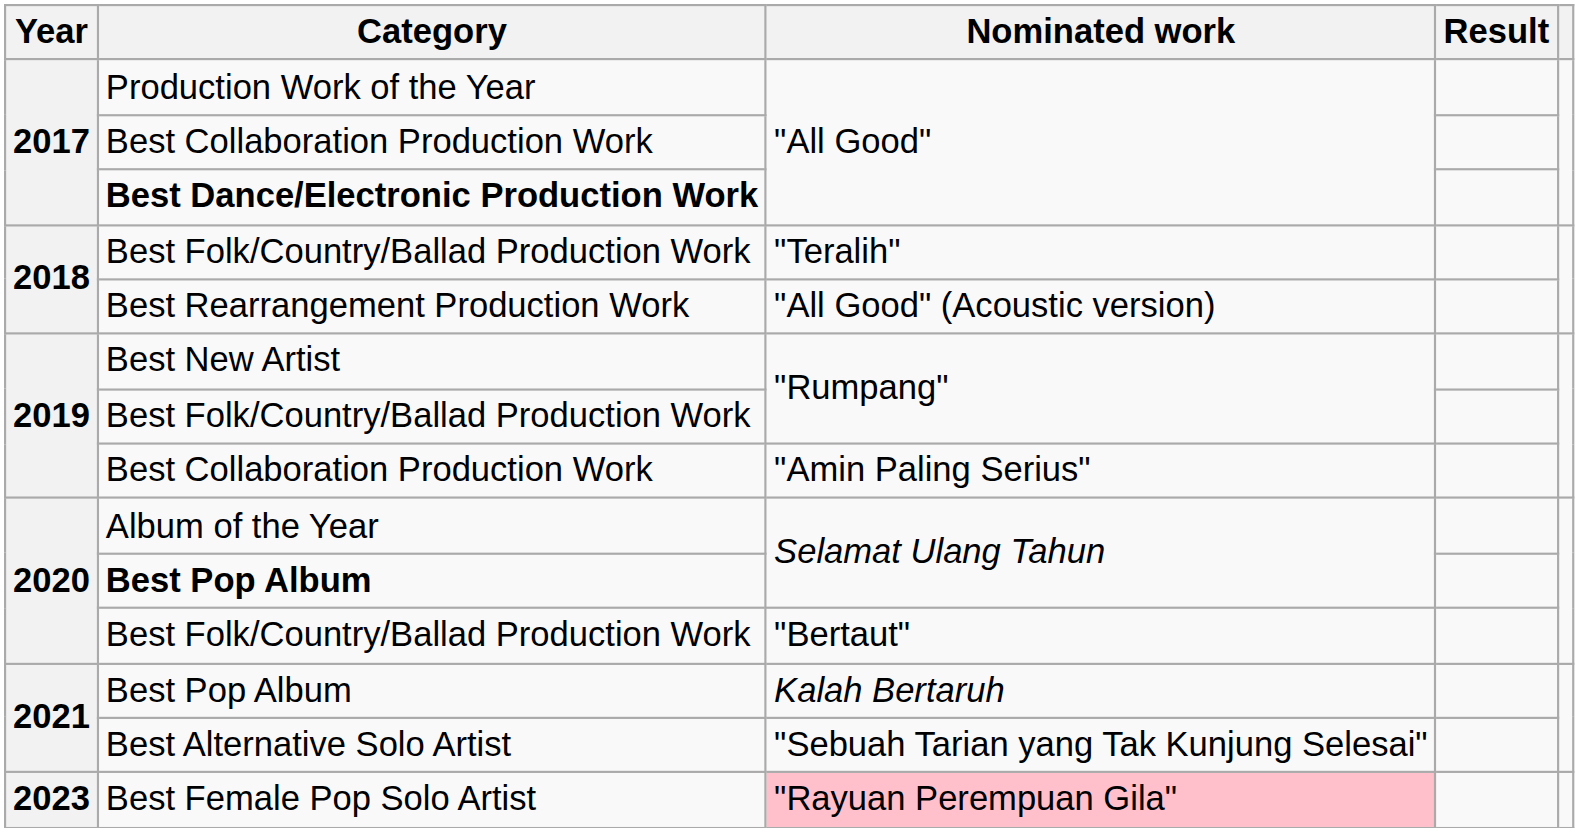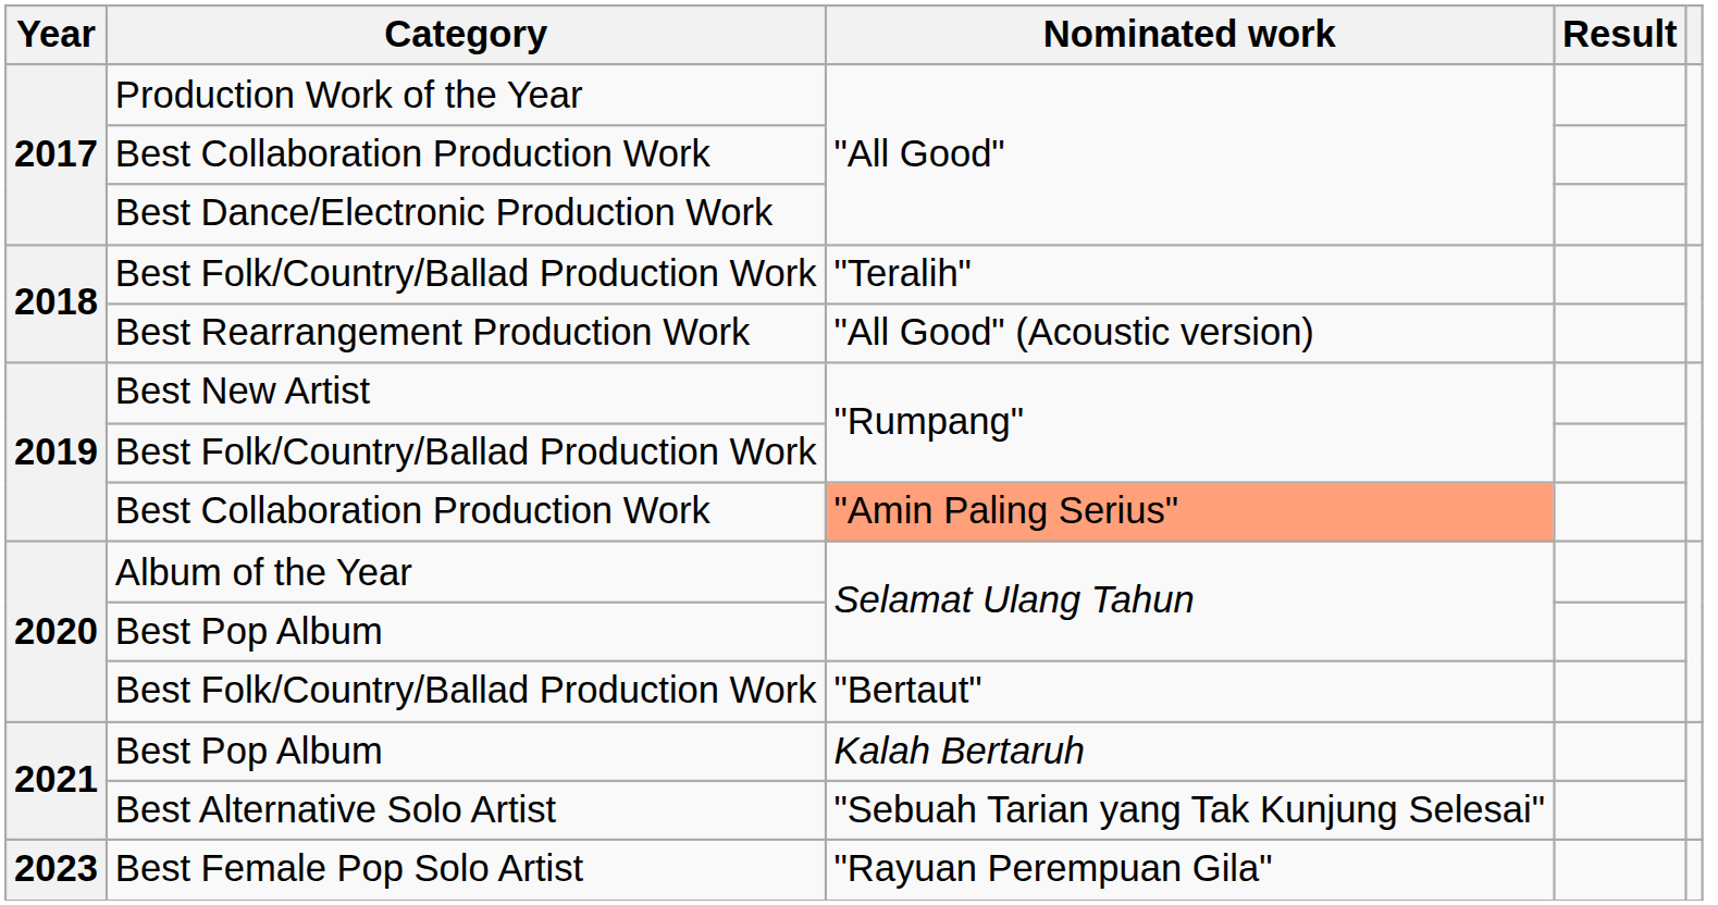 <table class="wikitable plainrowheaders">
 <tr>
 <th>Year</th>
 <th>Category</th>
 <th>Nominated work</th>
 <th>Result</th>
 <th></th>
 </tr>
 <tr>
 <th scope="row" rowspan="3">2017</th>
 <td>Production Work of the Year</td>
 <td rowspan="3">"All Good" </td>
 <td></td>
 <td align="center" rowspan="3"></td>
 </tr>
 <tr>
 <td>Best Collaboration Production Work</td>
 <td></td>
 </tr>
 <tr>
-<td><strong>Best Dance/Electronic Production Work</strong></td>
+<td>Best Dance/Electronic Production Work</td>
 <td></td>
 </tr>
 <tr>
 <th scope="row" rowspan="2">2018</th>
 <td>Best Folk/Country/Ballad Production Work</td>
 <td>"Teralih" </td>
 <td></td>
 <td align="center" rowspan="2"></td>
 </tr>
 <tr>
 <td>Best Rearrangement Production Work</td>
 <td>"All Good" (Acoustic version) </td>
 <td></td>
 </tr>
 <tr>
 <th scope="row" rowspan="3">2019</th>
 <td>Best New Artist</td>
 <td rowspan="2">"Rumpang"</td>
 <td></td>
 <td align="center" rowspan="3"></td>
 </tr>
 <tr>
 <td>Best Folk/Country/Ballad Production Work</td>
 <td></td>
 </tr>
 <tr>
 <td>Best Collaboration Production Work</td>
-<td>"Amin Paling Serius" </td>
+<td style="background: lightsalmon;">"Amin Paling Serius" </td>
 <td></td>
 </tr>
 <tr>
 <th scope="row" rowspan="3">2020</th>
 <td>Album of the Year</td>
 <td rowspan="2"><em>Selamat Ulang Tahun</em></td>
 <td></td>
 <td align="center" rowspan="3"></td>
 </tr>
 <tr>
-<td><strong>Best Pop Album</strong></td>
+<td>Best Pop Album</td>
 <td></td>
 </tr>
 <tr>
 <td>Best Folk/Country/Ballad Production Work</td>
 <td>"Bertaut"</td>
 <td></td>
 </tr>
 <tr>
 <th scope="row" rowspan="2">2021</th>
 <td>Best Pop Album</td>
 <td><em>Kalah Bertaruh</em></td>
 <td></td>
 <td align="center" rowspan="2"></td>
 </tr>
 <tr>
 <td>Best Alternative Solo Artist</td>
 <td>"Sebuah Tarian yang Tak Kunjung Selesai"</td>
 <td></td>
 </tr>
 <tr>
 <th scope="row">2023</th>
 <td>Best Female Pop Solo Artist</td>
-<td style="background: pink;">"Rayuan Perempuan Gila"</td>
+<td>"Rayuan Perempuan Gila"</td>
 <td></td>
 <td align="center"></td>
 </tr>
 </table>
